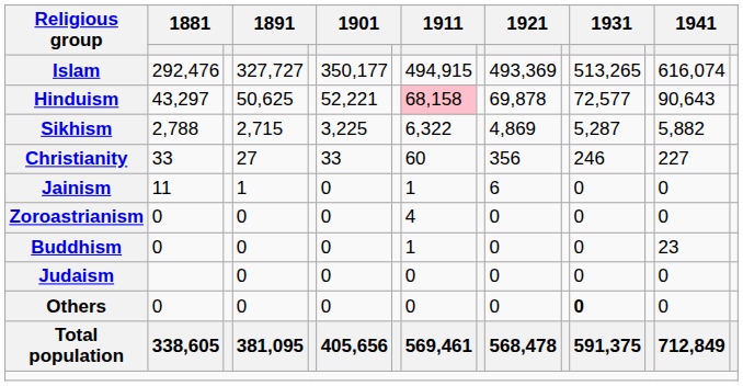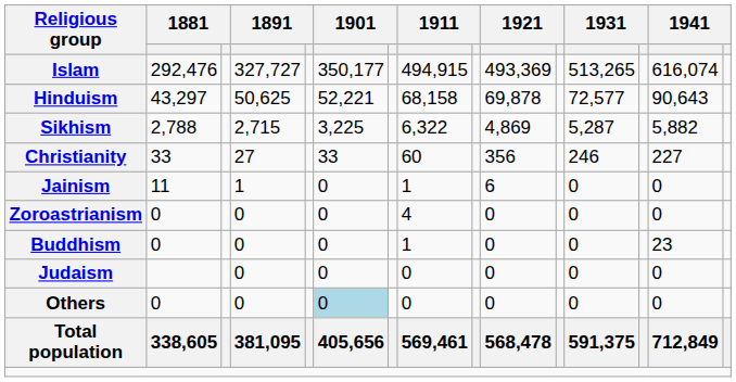 <table class="wikitable sortable">
 <tr>
 <th rowspan="2"><a href='#'>Religious</a><br>group</th>
 <th colspan="2">1881</th>
 <th colspan="2">1891</th>
 <th colspan="2">1901</th>
 <th colspan="2">1911</th>
 <th colspan="2">1921</th>
 <th colspan="2">1931</th>
 <th colspan="2">1941</th>
 </tr>
 <tr>
 <th><a href='#'></a></th>
 <th></th>
 <th></th>
 <th></th>
 <th></th>
 <th></th>
 <th></th>
 <th></th>
 <th></th>
 <th></th>
 <th></th>
 <th></th>
 <th></th>
 <th></th>
 </tr>
 <tr>
 <th><a href='#'>Islam</a> </th>
 <td>292,476</td>
 <td></td>
 <td>327,727</td>
 <td></td>
 <td>350,177</td>
 <td></td>
 <td>494,915</td>
 <td></td>
 <td>493,369</td>
 <td></td>
 <td>513,265</td>
 <td></td>
 <td>616,074</td>
 <td></td>
 </tr>
 <tr>
 <th><a href='#'>Hinduism</a> </th>
 <td>43,297</td>
 <td></td>
 <td>50,625</td>
 <td></td>
 <td>52,221</td>
 <td></td>
-<td style="background: pink;">68,158</td>
+<td>68,158</td>
 <td></td>
 <td>69,878</td>
 <td></td>
 <td>72,577</td>
 <td></td>
 <td>90,643</td>
 <td></td>
 </tr>
 <tr>
 <th><a href='#'>Sikhism</a> </th>
 <td>2,788</td>
 <td></td>
 <td>2,715</td>
 <td></td>
 <td>3,225</td>
 <td></td>
 <td>6,322</td>
 <td></td>
 <td>4,869</td>
 <td></td>
 <td>5,287</td>
 <td></td>
 <td>5,882</td>
 <td></td>
 </tr>
 <tr>
 <th><a href='#'>Christianity</a> </th>
 <td>33</td>
 <td></td>
 <td>27</td>
 <td></td>
 <td>33</td>
 <td></td>
 <td>60</td>
 <td></td>
 <td>356</td>
 <td></td>
 <td>246</td>
 <td></td>
 <td>227</td>
 <td></td>
 </tr>
 <tr>
 <th><a href='#'>Jainism</a> </th>
 <td>11</td>
 <td></td>
 <td>1</td>
 <td></td>
 <td>0</td>
 <td></td>
 <td>1</td>
 <td></td>
 <td>6</td>
 <td></td>
 <td>0</td>
 <td></td>
 <td>0</td>
 <td></td>
 </tr>
 <tr>
 <th><a href='#'>Zoroastrianism</a> </th>
 <td>0</td>
 <td></td>
 <td>0</td>
 <td></td>
 <td>0</td>
 <td></td>
 <td>4</td>
 <td></td>
 <td>0</td>
 <td></td>
 <td>0</td>
 <td></td>
 <td>0</td>
 <td></td>
 </tr>
 <tr>
 <th><a href='#'>Buddhism</a> </th>
 <td>0</td>
 <td></td>
 <td>0</td>
 <td></td>
 <td>0</td>
 <td></td>
 <td>1</td>
 <td></td>
 <td>0</td>
 <td></td>
 <td>0</td>
 <td></td>
 <td>23</td>
 <td></td>
 </tr>
 <tr>
 <th><a href='#'>Judaism</a> </th>
 <td></td>
 <td></td>
 <td>0</td>
 <td></td>
 <td>0</td>
 <td></td>
 <td>0</td>
 <td></td>
 <td>0</td>
 <td></td>
 <td>0</td>
 <td></td>
 <td>0</td>
 <td></td>
 </tr>
 <tr>
 <th>Others</th>
 <td>0</td>
 <td></td>
 <td>0</td>
 <td></td>
+<td style="background: lightblue;">0</td>
+<td></td>
 <td>0</td>
 <td></td>
 <td>0</td>
 <td></td>
 <td>0</td>
-<td></td>
-<td><strong>0</strong></td>
 <td></td>
 <td>0</td>
 <td></td>
 </tr>
 <tr>
 <th>Total population</th>
 <th>338,605</th>
 <th></th>
 <th>381,095</th>
 <th></th>
 <th>405,656</th>
 <th></th>
 <th>569,461</th>
 <th></th>
 <th>568,478</th>
 <th></th>
 <th>591,375</th>
 <th></th>
 <th>712,849</th>
 <th></th>
 </tr>
 <tr class="sortbottom">
 <td colspan="15"></td>
 </tr>
 </table>
